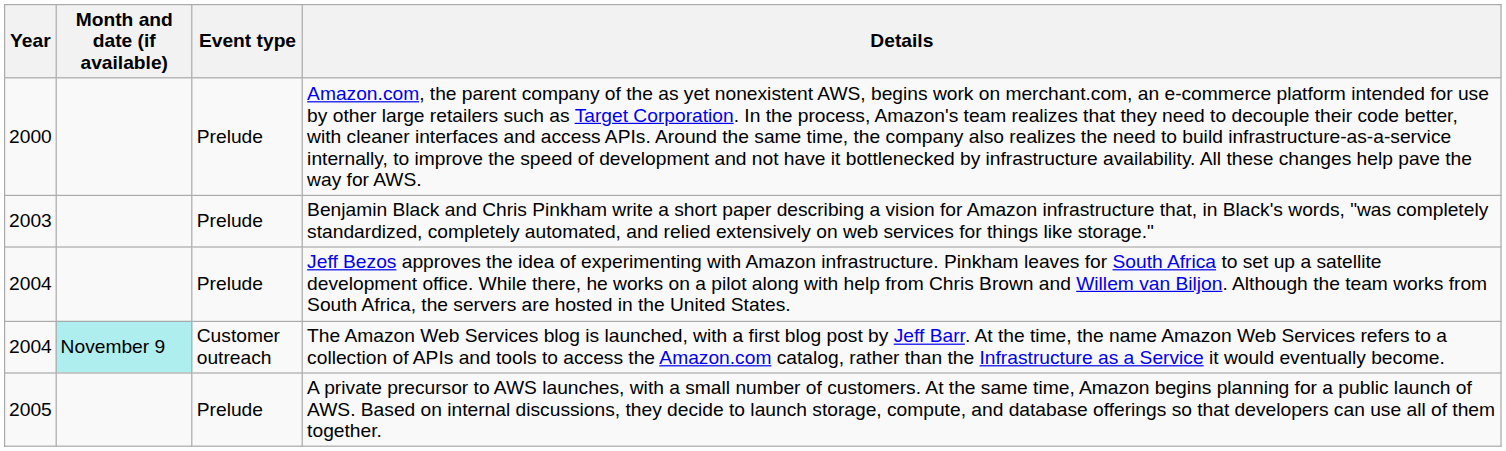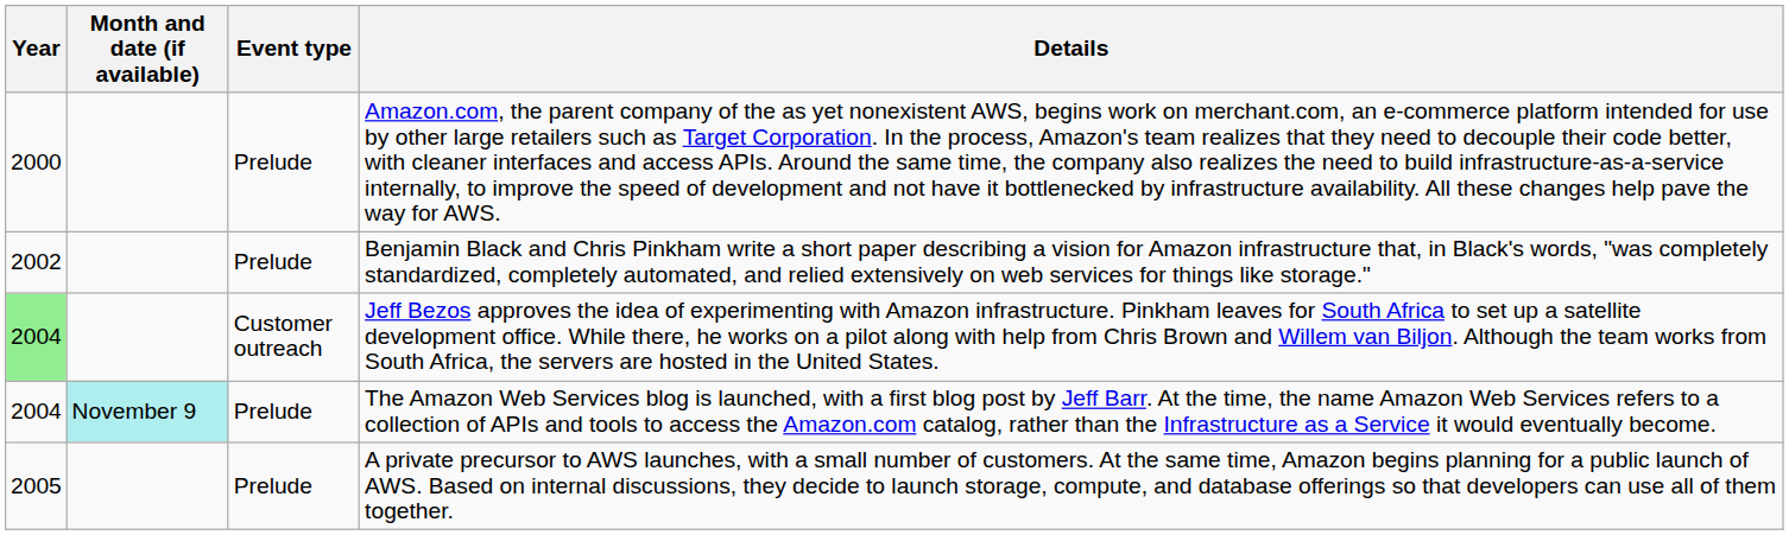 <table class="wikitable sortable">
 <tr>
 <th>Year</th>
 <th>Month and date (if available)</th>
 <th>Event type</th>
 <th>Details</th>
 </tr>
 <tr>
 <td>2000</td>
 <td></td>
 <td>Prelude</td>
 <td><a href='#'>Amazon.com</a>, the parent company of the as yet nonexistent AWS, begins work on merchant.com, an e-commerce platform intended for use by other large retailers such as <a href='#'>Target Corporation</a>. In the process, Amazon's team realizes that they need to decouple their code better, with cleaner interfaces and access APIs. Around the same time, the company also realizes the need to build infrastructure-as-a-service internally, to improve the speed of development and not have it bottlenecked by infrastructure availability. All these changes help pave the way for AWS.</td>
 </tr>
 <tr>
-<td>2003</td>
+<td>2002</td>
 <td></td>
 <td>Prelude</td>
 <td>Benjamin Black and Chris Pinkham write a short paper describing a vision for Amazon infrastructure that, in Black's words, "was completely standardized, completely automated, and relied extensively on web services for things like storage."</td>
 </tr>
 <tr>
-<td>2004</td>
+<td style="background: lightgreen;">2004</td>
 <td></td>
-<td>Prelude</td>
+<td>Customer outreach</td>
 <td><a href='#'>Jeff Bezos</a> approves the idea of experimenting with Amazon infrastructure. Pinkham leaves for <a href='#'>South Africa</a> to set up a satellite development office. While there, he works on a pilot along with help from Chris Brown and <a href='#'>Willem van Biljon</a>. Although the team works from South Africa, the servers are hosted in the United States.</td>
 </tr>
 <tr>
 <td>2004</td>
 <td style="background: paleturquoise;">November 9</td>
-<td>Customer outreach</td>
+<td>Prelude</td>
 <td>The Amazon Web Services blog is launched, with a first blog post by <a href='#'>Jeff Barr</a>. At the time, the name Amazon Web Services refers to a collection of APIs and tools to access the <a href='#'>Amazon.com</a> catalog, rather than the <a href='#'>Infrastructure as a Service</a> it would eventually become.</td>
 </tr>
 <tr>
 <td>2005</td>
 <td></td>
 <td>Prelude</td>
 <td>A private precursor to AWS launches, with a small number of customers. At the same time, Amazon begins planning for a public launch of AWS. Based on internal discussions, they decide to launch storage, compute, and database offerings so that developers can use all of them together.</td>
 </tr>
 </table>
